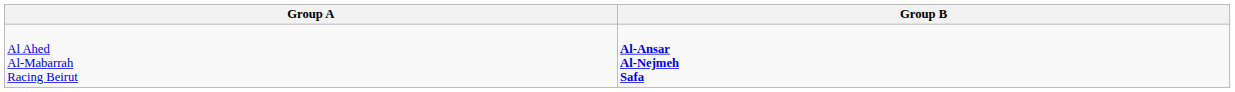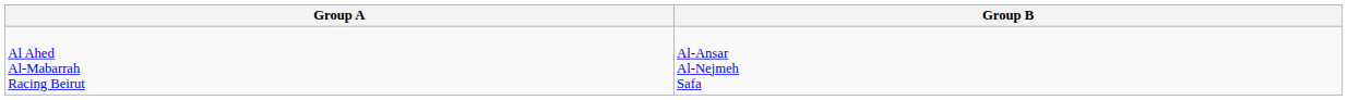 <table class="wikitable" width=98%>
 <tr>
 <th width=20%>Group A</th>
 <th width=20%>Group B</th>
 </tr>
 <tr>
 <td><br><a href='#'>Al Ahed</a> <br> <a href='#'>Al-Mabarrah</a> <br> <a href='#'>Racing Beirut</a> <br></td>
-<td><strong><br><a href='#'>Al-Ansar</a> <br> <a href='#'>Al-Nejmeh</a> <br> <a href='#'>Safa</a> <br></strong></td>
+<td><br><a href='#'>Al-Ansar</a> <br> <a href='#'>Al-Nejmeh</a> <br> <a href='#'>Safa</a> <br></td>
 </tr>
 </table>
